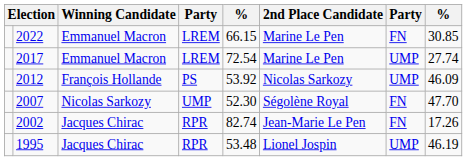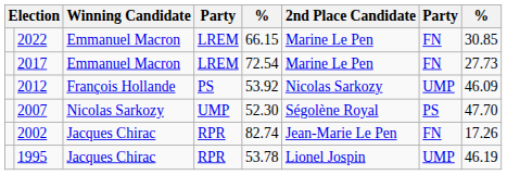 <table class="wikitable">
 <tr>
 <th colspan="2">Election</th>
 <th>Winning Candidate</th>
 <th>Party</th>
 <th>%</th>
 <th>2nd Place Candidate</th>
 <th>Party</th>
 <th>%</th>
 </tr>
 <tr>
 <td style="background-color: "></td>
 <td><a href='#'>2022</a></td>
 <td><a href='#'>Emmanuel Macron</a></td>
 <td><a href='#'>LREM</a></td>
 <td>66.15</td>
 <td><a href='#'>Marine Le Pen</a></td>
 <td><a href='#'>FN</a></td>
 <td>30.85</td>
 </tr>
 <tr>
 <td style="background-color: "></td>
 <td><a href='#'>2017</a></td>
 <td><a href='#'>Emmanuel Macron</a></td>
 <td><a href='#'>LREM</a></td>
 <td>72.54</td>
 <td><a href='#'>Marine Le Pen</a></td>
-<td><a href='#'>UMP</a></td>
-<td>27.74</td>
+<td><a href='#'>FN</a></td>
+<td>27.73</td>
 </tr>
 <tr>
 <td style="background-color: "></td>
 <td><a href='#'>2012</a></td>
 <td><a href='#'>François Hollande</a></td>
 <td><a href='#'>PS</a></td>
 <td>53.92</td>
 <td><a href='#'>Nicolas Sarkozy</a></td>
 <td><a href='#'>UMP</a></td>
 <td>46.09</td>
 </tr>
 <tr>
 <td style="background-color: "></td>
 <td><a href='#'>2007</a></td>
 <td><a href='#'>Nicolas Sarkozy</a></td>
 <td><a href='#'>UMP</a></td>
 <td>52.30</td>
 <td><a href='#'>Ségolène Royal</a></td>
-<td><a href='#'>FN</a></td>
+<td><a href='#'>PS</a></td>
 <td>47.70</td>
 </tr>
 <tr>
 <td style="background-color: "></td>
 <td><a href='#'>2002</a></td>
 <td><a href='#'>Jacques Chirac</a></td>
 <td><a href='#'>RPR</a></td>
 <td>82.74</td>
 <td><a href='#'>Jean-Marie Le Pen</a></td>
 <td><a href='#'>FN</a></td>
 <td>17.26</td>
 </tr>
 <tr>
 <td style="background-color: "></td>
 <td><a href='#'>1995</a></td>
 <td><a href='#'>Jacques Chirac</a></td>
 <td><a href='#'>RPR</a></td>
-<td>53.48</td>
+<td>53.78</td>
 <td><a href='#'>Lionel Jospin</a></td>
 <td><a href='#'>UMP</a></td>
 <td>46.19</td>
 </tr>
 </table>
